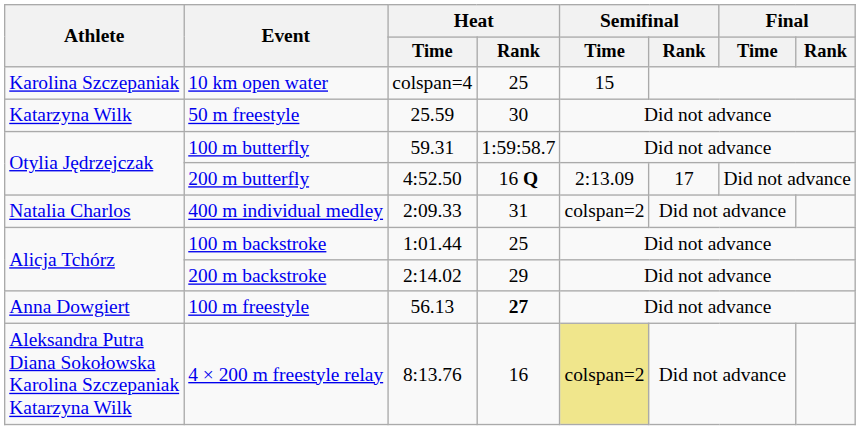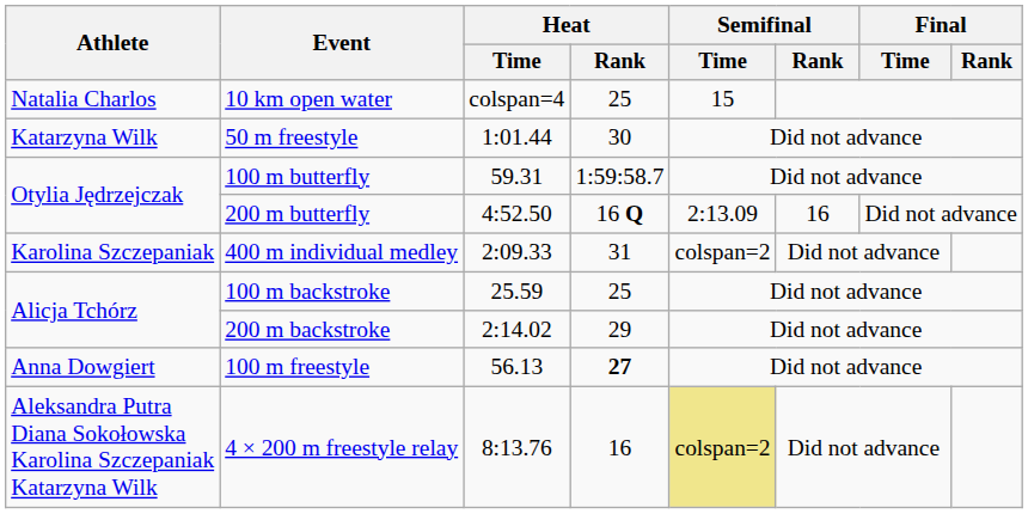 <table class=wikitable style="font-size:90%">
 <tr>
 <th rowspan="2">Athlete</th>
 <th rowspan="2">Event</th>
 <th colspan="2">Heat</th>
 <th colspan="2">Semifinal</th>
 <th colspan="2">Final</th>
 </tr>
 <tr style="font-size:95%">
 <th>Time</th>
 <th>Rank</th>
 <th>Time</th>
 <th>Rank</th>
 <th>Time</th>
 <th>Rank</th>
 </tr>
 <tr align=center>
-<td align=left><a href='#'>Karolina Szczepaniak</a></td>
+<td align=left><a href='#'>Natalia Charlos</a></td>
 <td align=left><a href='#'>10 km open water</a></td>
 <td>colspan=4 </td>
 <td>25</td>
 <td>15</td>
 </tr>
 <tr align=center>
 <td align=left><a href='#'>Katarzyna Wilk</a></td>
 <td align=left><a href='#'>50 m freestyle</a></td>
-<td>25.59</td>
+<td>1:01.44</td>
 <td>30</td>
 <td colspan=4>Did not advance</td>
 </tr>
 <tr align=center>
 <td align=left rowspan=2><a href='#'>Otylia Jędrzejczak</a></td>
 <td align=left><a href='#'>100 m butterfly</a></td>
 <td>59.31</td>
 <td>1:59:58.7</td>
 <td colspan=4>Did not advance</td>
 </tr>
 <tr align=center>
 <td align=left><a href='#'>200 m butterfly</a></td>
 <td>4:52.50</td>
 <td>16 <strong>Q</strong></td>
 <td>2:13.09</td>
-<td>17</td>
+<td>16</td>
 <td colspan=2>Did not advance</td>
 </tr>
 <tr align=center>
-<td align=left><a href='#'>Natalia Charlos</a></td>
+<td align=left><a href='#'>Karolina Szczepaniak</a></td>
 <td align=left><a href='#'>400 m individual medley</a></td>
 <td>2:09.33</td>
 <td>31</td>
 <td>colspan=2 </td>
 <td colspan=2>Did not advance</td>
 </tr>
 <tr align=center>
 <td align=left rowspan=2><a href='#'>Alicja Tchórz</a></td>
 <td align=left><a href='#'>100 m backstroke</a></td>
-<td>1:01.44</td>
+<td>25.59</td>
 <td>25</td>
 <td colspan=4>Did not advance</td>
 </tr>
 <tr align=center>
 <td align=left><a href='#'>200 m backstroke</a></td>
 <td>2:14.02</td>
 <td>29</td>
 <td colspan=4>Did not advance</td>
 </tr>
 <tr align=center>
 <td align=left><a href='#'>Anna Dowgiert</a></td>
 <td align=left><a href='#'>100 m freestyle</a></td>
 <td>56.13</td>
 <td><strong>27</strong></td>
 <td colspan=4>Did not advance</td>
 </tr>
 <tr align=center>
 <td align=left><a href='#'>Aleksandra Putra</a><br><a href='#'>Diana Sokołowska</a><br><a href='#'>Karolina Szczepaniak</a><br><a href='#'>Katarzyna Wilk</a></td>
 <td align=left><a href='#'>4 × 200 m freestyle relay</a></td>
 <td>8:13.76</td>
 <td>16</td>
 <td style="background: khaki;">colspan=2 </td>
 <td colspan=2>Did not advance</td>
 </tr>
 </table>
